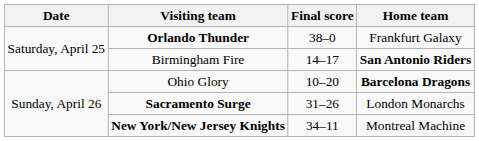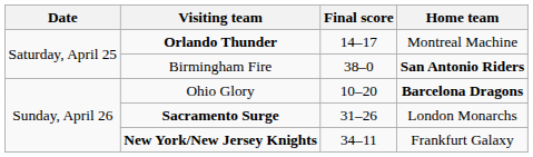 <table class="wikitable" style="font-size:95%; text-align:center">
 <tr>
 <th>Date</th>
 <th>Visiting team</th>
 <th>Final score</th>
 <th>Home team</th>
 </tr>
 <tr>
 <td rowspan="2">Saturday, April 25</td>
 <td><strong>Orlando Thunder</strong></td>
-<td>38–0</td>
-<td>Frankfurt Galaxy</td>
+<td>14–17</td>
+<td>Montreal Machine</td>
 </tr>
 <tr>
 <td>Birmingham Fire</td>
-<td>14–17</td>
+<td>38–0</td>
 <td><strong>San Antonio Riders</strong></td>
 </tr>
 <tr>
 <td rowspan="3">Sunday, April 26</td>
 <td>Ohio Glory</td>
 <td>10–20</td>
 <td><strong>Barcelona Dragons</strong></td>
 </tr>
 <tr>
 <td><strong>Sacramento Surge</strong></td>
 <td>31–26</td>
 <td>London Monarchs</td>
 </tr>
 <tr>
 <td><strong>New York/New Jersey Knights</strong></td>
 <td>34–11</td>
-<td>Montreal Machine</td>
+<td>Frankfurt Galaxy</td>
 </tr>
 </table>
